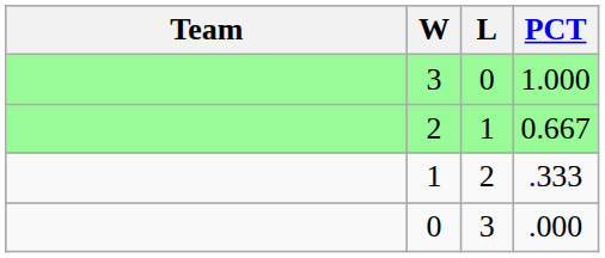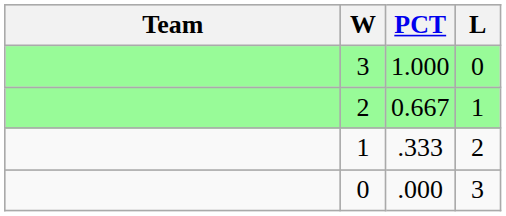 <table class="wikitable" style="text-align:center;">
 <tr>
 <th width=200px>Team</th>
 <th width=20px>W</th>
+<th width=30px><a href='#'>PCT</a></th>
 <th width=20px>L</th>
-<th width=30px><a href='#'>PCT</a></th>
 </tr>
 <tr bgcolor="#98fb98">
 <td align=left></td>
 <td>3</td>
+<td>1.000</td>
 <td>0</td>
-<td>1.000</td>
 </tr>
 <tr bgcolor="#98fb98">
 <td align=left></td>
 <td>2</td>
+<td>0.667</td>
 <td>1</td>
-<td>0.667</td>
 </tr>
 <tr>
 <td align=left></td>
 <td>1</td>
+<td>.333</td>
 <td>2</td>
-<td>.333</td>
 </tr>
 <tr>
 <td align=left></td>
 <td>0</td>
+<td>.000</td>
 <td>3</td>
-<td>.000</td>
 </tr>
 </table>
